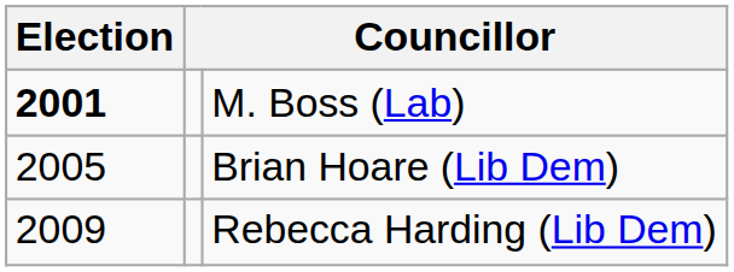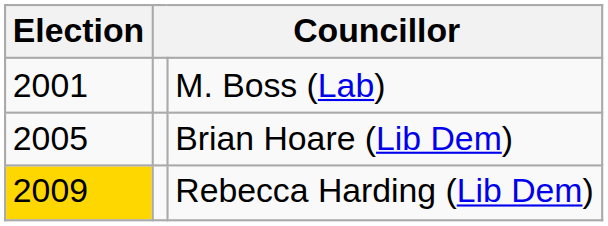 <table class="wikitable">
 <tr>
 <th>Election</th>
 <th colspan="2">Councillor</th>
 </tr>
 <tr>
-<td><strong>2001</strong></td>
+<td>2001</td>
 <td style="background-color: "></td>
 <td>M. Boss (<a href='#'>Lab</a>)</td>
 </tr>
 <tr>
 <td>2005</td>
 <td style="background-color: "></td>
 <td>Brian Hoare (<a href='#'>Lib Dem</a>)</td>
 </tr>
 <tr>
-<td>2009</td>
+<td style="background: gold;">2009</td>
 <td style="background-color: "></td>
 <td>Rebecca Harding (<a href='#'>Lib Dem</a>)</td>
 </tr>
 </table>
